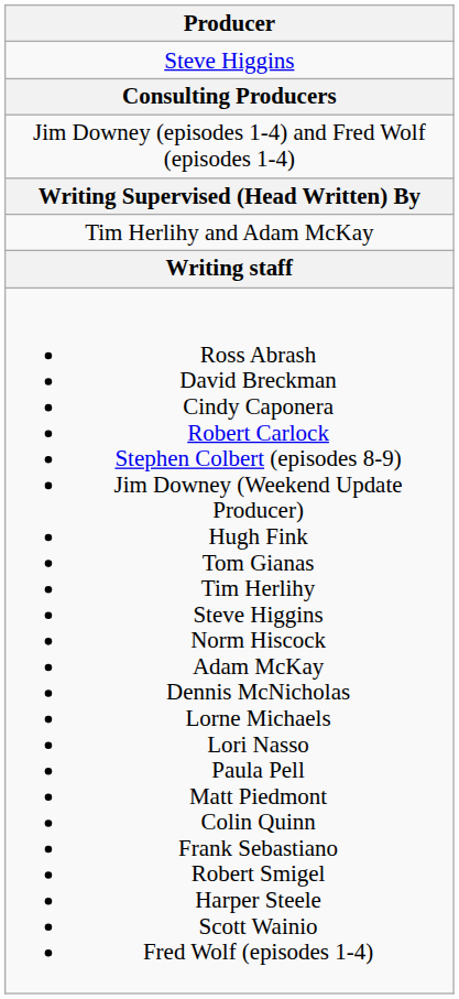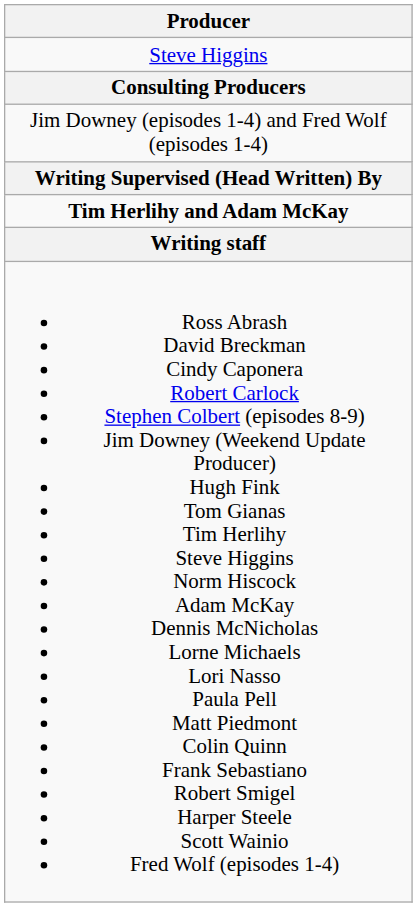 <table class="wikitable plainrowheaders"  style="text-align:center; width:50%;">
 <tr>
 <th><strong>Producer</strong></th>
 </tr>
 <tr>
 <td><a href='#'>Steve Higgins</a></td>
 </tr>
 <tr>
 <th><strong>Consulting Producers</strong></th>
 </tr>
 <tr>
 <td>Jim Downey (episodes 1-4) and Fred Wolf (episodes 1-4)</td>
 </tr>
 <tr>
 <th><strong>Writing Supervised (Head Written) By</strong></th>
 </tr>
 <tr>
-<td>Tim Herlihy and Adam McKay</td>
+<td><strong>Tim Herlihy and Adam McKay</strong></td>
 </tr>
 <tr>
 <th><strong>Writing staff</strong></th>
 </tr>
 <tr>
 <td><br><ul><li>Ross Abrash</li><li>David Breckman</li><li>Cindy Caponera</li><li><a href='#'>Robert Carlock</a></li><li><a href='#'>Stephen Colbert</a> (episodes 8-9)</li><li>Jim Downey (Weekend Update Producer)</li><li>Hugh Fink</li><li>Tom Gianas</li><li>Tim Herlihy</li><li>Steve Higgins</li><li>Norm Hiscock</li><li>Adam McKay</li><li>Dennis McNicholas</li><li>Lorne Michaels</li><li>Lori Nasso</li><li>Paula Pell</li><li>Matt Piedmont</li><li>Colin Quinn</li><li>Frank Sebastiano</li><li>Robert Smigel</li><li>Harper Steele</li><li>Scott Wainio</li><li>Fred Wolf (episodes 1-4)</li></ul></td>
 </tr>
 </table>
